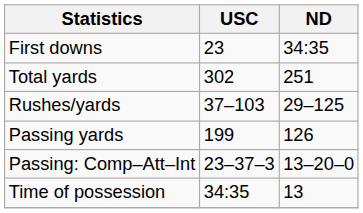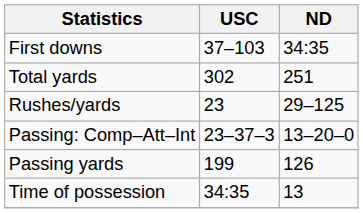 <table class="wikitable" style="float: left;">
 <tr>
 <th>Statistics</th>
 <th>USC</th>
 <th>ND</th>
 </tr>
 <tr>
 <td>First downs</td>
-<td>23</td>
+<td>37–103</td>
 <td>34:35</td>
 </tr>
 <tr>
 <td>Total yards</td>
 <td>302</td>
 <td>251</td>
 </tr>
 <tr>
 <td>Rushes/yards</td>
-<td>37–103</td>
+<td>23</td>
 <td>29–125</td>
+</tr>
+<tr>
+<td>Passing: Comp–Att–Int</td>
+<td>23–37–3</td>
+<td>13–20–0</td>
 </tr>
 <tr>
 <td>Passing yards</td>
 <td>199</td>
 <td>126</td>
-</tr>
-<tr>
-<td>Passing: Comp–Att–Int</td>
-<td>23–37–3</td>
-<td>13–20–0</td>
 </tr>
 <tr>
 <td>Time of possession</td>
 <td>34:35</td>
 <td>13</td>
 </tr>
 <tr>
 </tr>
 </table>
